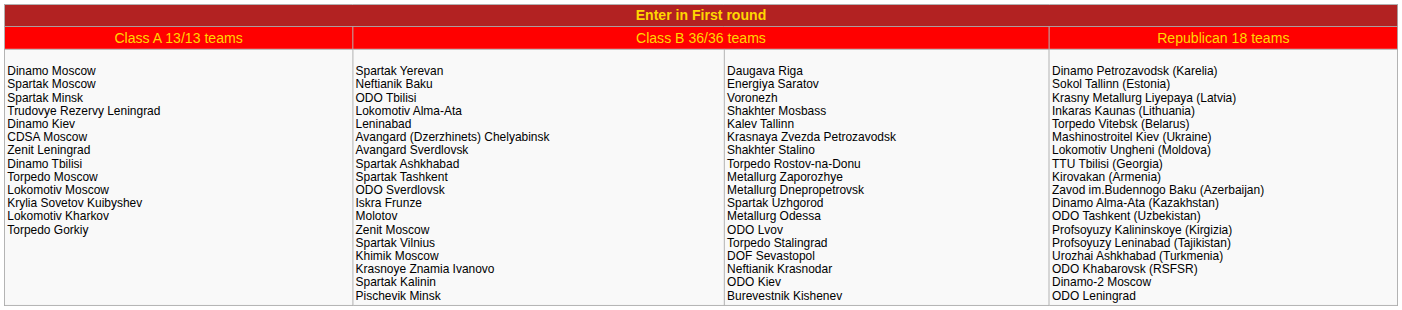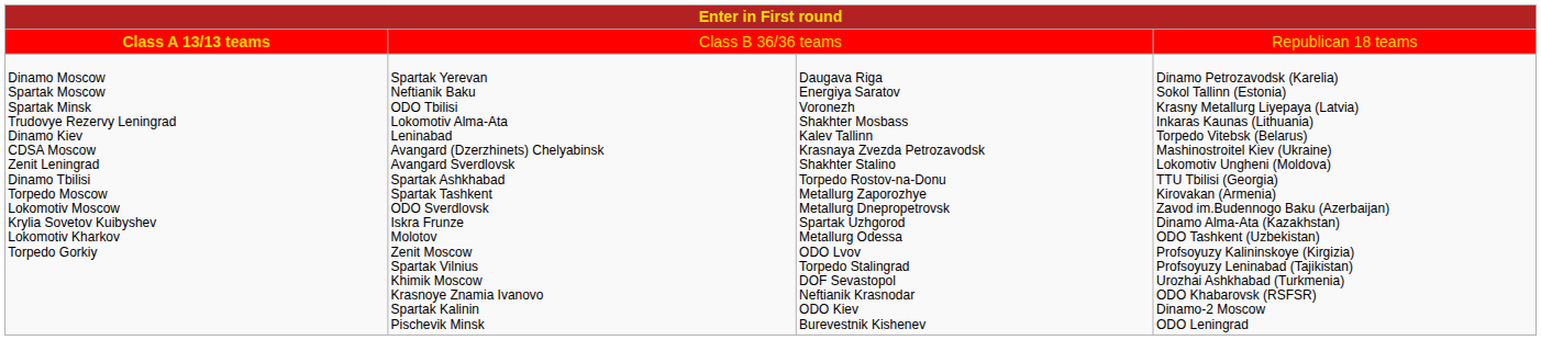 <table class="wikitable" style="width:100%;">
 <tr style="background:Firebrick; text-align:center;">
 <td style="width:100%; color:Gold" colspan="4"><strong>Enter in First round</strong></td>
 </tr>
 <tr style="background:Red;">
-<td style="text-align:center; width:25%; color:Gold" colspan=1>Class A 13/13 teams</td>
+<td style="text-align:center; width:25%; color:Gold" colspan=1><strong>Class A 13/13 teams</strong></td>
 <td style="text-align:center; width:50%; color:Gold" colspan=2>Class B 36/36 teams</td>
 <td style="text-align:center; width:25%; color:Gold" colspan=1>Republican 18 teams</td>
 </tr>
 <tr style="vertical-align:top; font-size:85%;">
 <td rowspan=3><br> Dinamo Moscow<br>  Spartak Moscow<br>  Spartak Minsk<br>  Trudovye Rezervy Leningrad<br>  Dinamo Kiev<br>  CDSA Moscow<br>  Zenit Leningrad<br>  Dinamo Tbilisi<br>  Torpedo Moscow<br>  Lokomotiv Moscow<br>  Krylia Sovetov Kuibyshev<br>  Lokomotiv Kharkov<br>  Torpedo Gorkiy<br></td>
 <td><br> Spartak Yerevan<br>  Neftianik Baku<br>  ODO Tbilisi<br>  Lokomotiv Alma-Ata<br>  Leninabad<br>  Avangard (Dzerzhinets) Chelyabinsk<br>  Avangard Sverdlovsk<br>  Spartak Ashkhabad<br>  Spartak Tashkent<br>  ODO Sverdlovsk<br>  Iskra Frunze<br>  Molotov<br>  Zenit Moscow<br>  Spartak Vilnius<br>  Khimik Moscow<br>  Krasnoye Znamia Ivanovo<br>  Spartak Kalinin<br>  Pischevik Minsk<br></td>
 <td><br> Daugava Riga<br>  Energiya Saratov<br>  Voronezh<br>  Shakhter Mosbass<br>  Kalev Tallinn<br>  Krasnaya Zvezda Petrozavodsk<br>  Shakhter Stalino<br>  Torpedo Rostov-na-Donu<br>  Metallurg Zaporozhye<br>  Metallurg Dnepropetrovsk<br>  Spartak Uzhgorod<br>  Metallurg Odessa<br>  ODO Lvov<br>  Torpedo Stalingrad<br>  DOF Sevastopol<br>  Neftianik Krasnodar<br>  ODO Kiev<br>  Burevestnik Kishenev<br></td>
 <td><br> Dinamo Petrozavodsk (Karelia)<br>  Sokol Tallinn (Estonia)<br>  Krasny Metallurg Liyepaya (Latvia)<br>  Inkaras Kaunas (Lithuania)<br>  Torpedo Vitebsk (Belarus)<br>  Mashinostroitel Kiev (Ukraine)<br>  Lokomotiv Ungheni (Moldova)<br>  TTU Tbilisi (Georgia)<br>  Kirovakan (Armenia)<br>  Zavod im.Budennogo Baku (Azerbaijan)<br>  Dinamo Alma-Ata (Kazakhstan)<br>  ODO Tashkent (Uzbekistan)<br>  Profsoyuzy Kalininskoye (Kirgizia)<br>  Profsoyuzy Leninabad (Tajikistan)<br>  Urozhai Ashkhabad (Turkmenia)<br>  ODO Khabarovsk (RSFSR)<br>  Dinamo-2 Moscow<br>  ODO Leningrad<br></td>
 </tr>
 </table>
